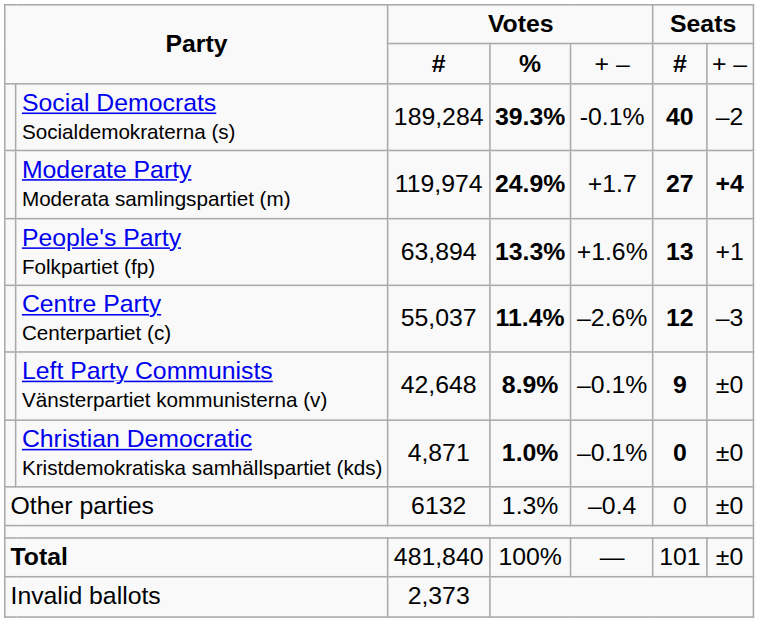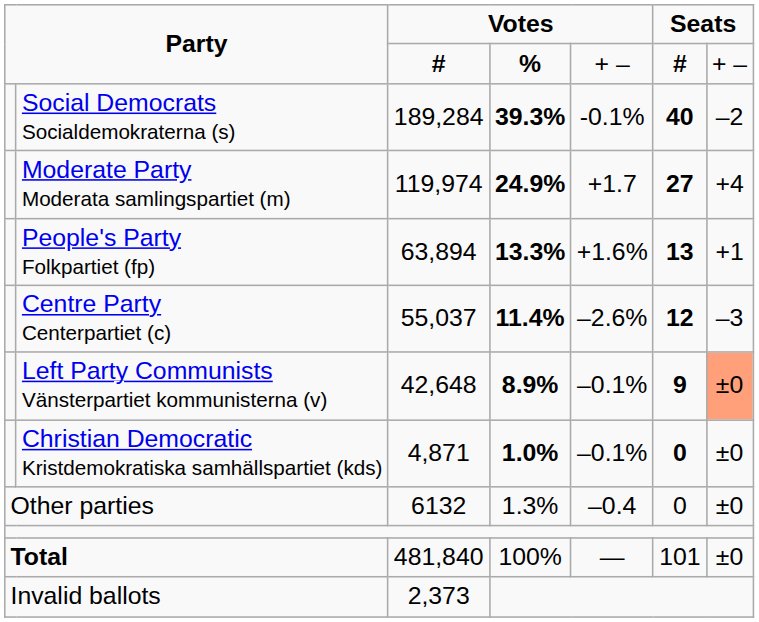 <table class="wikitable">
 <tr>
 <td colspan=2 rowspan=2 align="center"><strong>Party</strong></td>
 <td colspan=3 align="center"><strong>Votes</strong></td>
 <td colspan=2 align="center"><strong>Seats</strong></td>
 </tr>
 <tr>
 <td align="center"><strong>#</strong></td>
 <td align="center"><strong>%</strong></td>
 <td align="center">+ –</td>
 <td align="center"><strong>#</strong></td>
 <td align="center">+ –</td>
 </tr>
 <tr>
 <td bgcolor=></td>
 <td align="left"><a href='#'>Social Democrats</a><br><small>Socialdemokraterna (s)</small></td>
 <td align="center">189,284</td>
 <td align="center"><strong>39.3%</strong></td>
 <td align="center">-0.1%</td>
 <td align="center"><strong>40</strong></td>
 <td align="center">–2</td>
 </tr>
 <tr>
 <td bgcolor=></td>
 <td align="left"><a href='#'>Moderate Party</a><br><small>Moderata samlingspartiet (m)</small></td>
 <td align="center">119,974</td>
 <td align="center"><strong>24.9%</strong></td>
 <td align="center">+1.7</td>
 <td align="center"><strong>27</strong></td>
-<td align="center"><strong>+4</strong></td>
+<td align="center">+4</td>
 </tr>
 <tr>
 <td bgcolor=></td>
 <td align="left"><a href='#'>People's Party</a><br><small>Folkpartiet (fp)</small></td>
 <td align="center">63,894</td>
 <td align="center"><strong>13.3%</strong></td>
 <td align="center">+1.6%</td>
 <td align="center"><strong>13</strong></td>
 <td align="center">+1</td>
 </tr>
 <tr>
 <td bgcolor=></td>
 <td align="left"><a href='#'>Centre Party</a><br><small>Centerpartiet (c)</small></td>
 <td align="center">55,037</td>
 <td align="center"><strong>11.4%</strong></td>
 <td align="center">–2.6%</td>
 <td align="center"><strong>12</strong></td>
 <td align="center">–3</td>
 </tr>
 <tr>
 <td bgcolor=></td>
 <td align="left"><a href='#'>Left Party Communists</a><br><small>Vänsterpartiet kommunisterna (v)</small></td>
 <td align="center">42,648</td>
 <td align="center"><strong>8.9%</strong></td>
 <td align="center">–0.1%</td>
 <td align="center"><strong>9</strong></td>
-<td align="center">±0</td>
+<td align="center" style="background: lightsalmon;">±0</td>
 </tr>
 <tr>
 <td bgcolor=></td>
 <td align="left"><a href='#'>Christian Democratic</a><br><small>Kristdemokratiska samhällspartiet (kds)</small></td>
 <td align="center">4,871</td>
 <td align="center"><strong>1.0%</strong></td>
 <td align="center">–0.1%</td>
 <td align="center"><strong>0</strong></td>
 <td align="center">±0</td>
 </tr>
 <tr>
 <td colspan="2" align="left">Other parties</td>
 <td align="center">6132</td>
 <td align="center">1.3%</td>
 <td align="center">–0.4</td>
 <td align="center">0</td>
 <td align="center">±0</td>
 </tr>
 <tr>
 <td colspan=7></td>
 </tr>
 <tr>
 <td colspan="2" align="left"><strong>Total</strong></td>
 <td align="center">481,840</td>
 <td align="center">100%</td>
 <td align="center">—</td>
 <td align="center">101</td>
 <td align="center">±0</td>
 </tr>
 <tr>
 <td colspan="2" align="left">Invalid ballots</td>
 <td align="center">2,373</td>
 </tr>
 </table>
